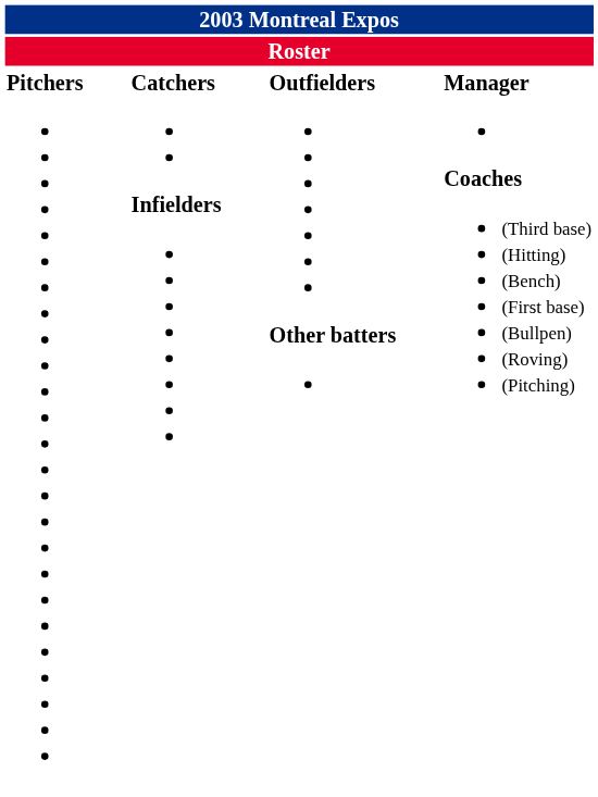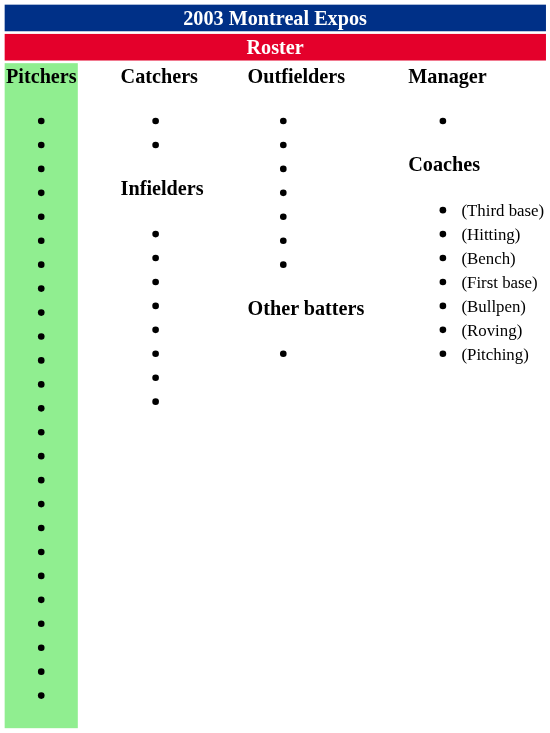 <table class="toccolours" style="font-size: 95%;">
 <tr>
 <th colspan="10" style="background-color: #003087; color: #FFFFFF; text-align: center;">2003 Montreal Expos</th>
 </tr>
 <tr>
 <td colspan="10" style="background-color: #E4002B; color: #FFFFFF; text-align: center;"><strong>Roster</strong></td>
 </tr>
 <tr>
-<td valign="top"><strong>Pitchers</strong><br><ul><li></li><li></li><li></li><li></li><li></li><li></li><li></li><li></li><li></li><li></li><li></li><li></li><li></li><li></li><li></li><li></li><li></li><li></li><li></li><li></li><li></li><li></li><li></li><li></li><li></li></ul></td>
+<td valign="top" style="background: lightgreen;"><strong>Pitchers</strong><br><ul><li></li><li></li><li></li><li></li><li></li><li></li><li></li><li></li><li></li><li></li><li></li><li></li><li></li><li></li><li></li><li></li><li></li><li></li><li></li><li></li><li></li><li></li><li></li><li></li><li></li></ul></td>
 <td width="25px"></td>
 <td valign="top"><strong>Catchers</strong><br><ul><li></li><li></li></ul><strong>Infielders</strong><ul><li></li><li></li><li></li><li></li><li></li><li></li><li></li><li></li></ul></td>
 <td width="25px"></td>
 <td valign="top"><strong>Outfielders</strong><br><ul><li></li><li></li><li></li><li></li><li></li><li></li><li></li></ul><strong>Other batters</strong><ul><li></li></ul></td>
 <td width="25px"></td>
 <td valign="top"><strong>Manager</strong><br><ul><li></li></ul><strong>Coaches</strong><ul><li> <small>(Third base)</small></li><li> <small>(Hitting)</small></li><li> <small>(Bench)</small></li><li> <small>(First base)</small></li><li> <small>(Bullpen)</small></li><li> <small>(Roving)</small></li><li> <small>(Pitching)</small></li></ul></td>
 </tr>
 </table>
